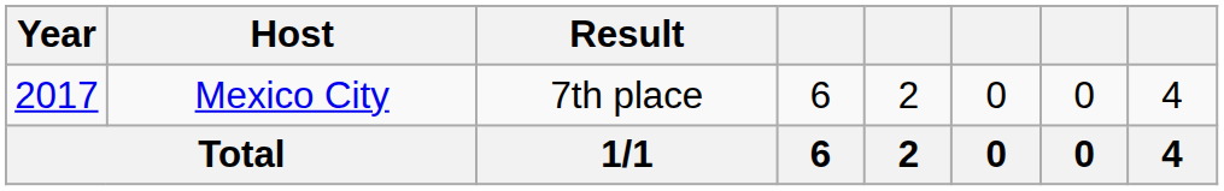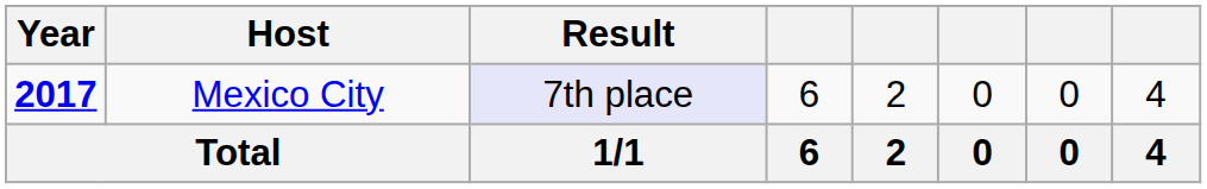 <table class="wikitable" style="text-align:center">
 <tr>
 <th width=30>Year</th>
 <th width=150>Host</th>
 <th width=120>Result</th>
 <th width=30></th>
 <th width=30></th>
 <th width=30></th>
 <th width=30></th>
 <th width=30></th>
 </tr>
 <tr>
-<td><a href='#'>2017</a></td>
+<td><strong><a href='#'>2017</a></strong></td>
 <td> <a href='#'>Mexico City</a></td>
-<td>7th place</td>
+<td style="background: lavender;">7th place</td>
 <td>6</td>
 <td>2</td>
 <td>0</td>
 <td>0</td>
 <td>4</td>
 </tr>
 <tr>
 <th colspan=2>Total</th>
 <th>1/1</th>
 <th>6</th>
 <th>2</th>
 <th>0</th>
 <th>0</th>
 <th>4</th>
 </tr>
 </table>
